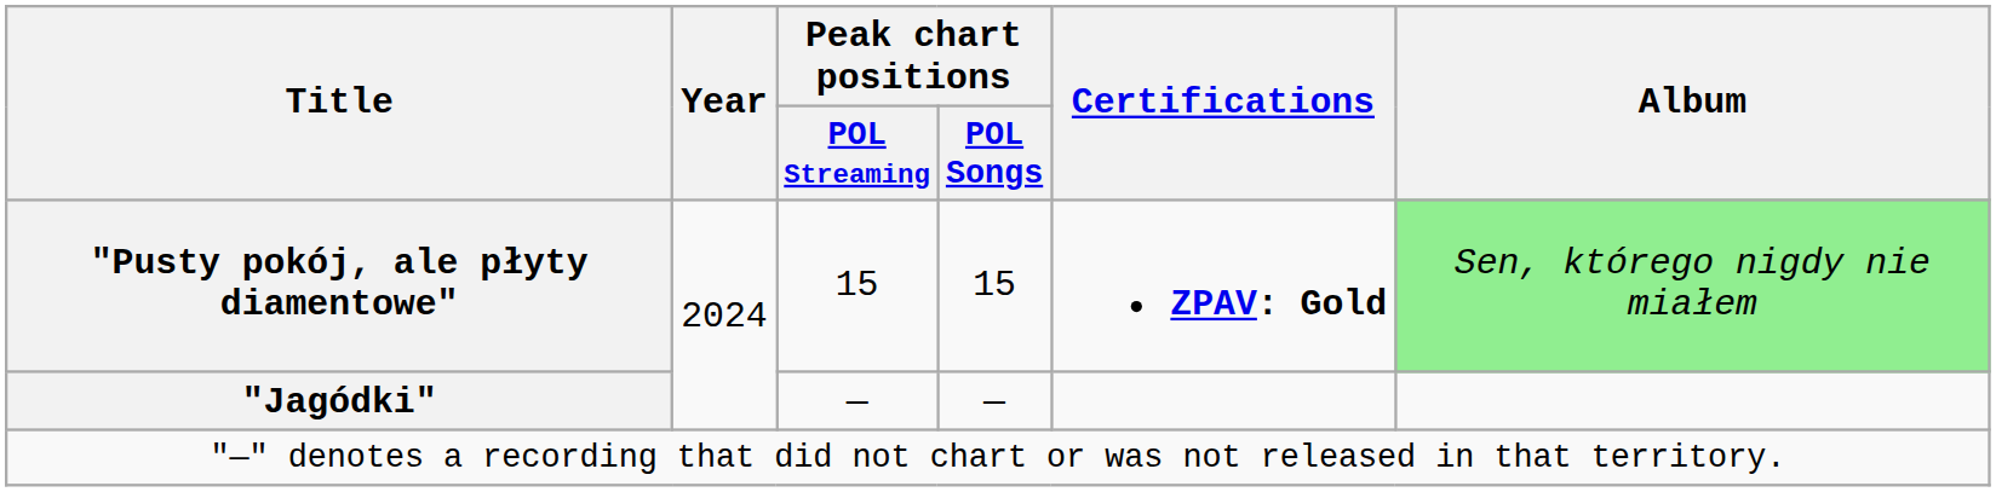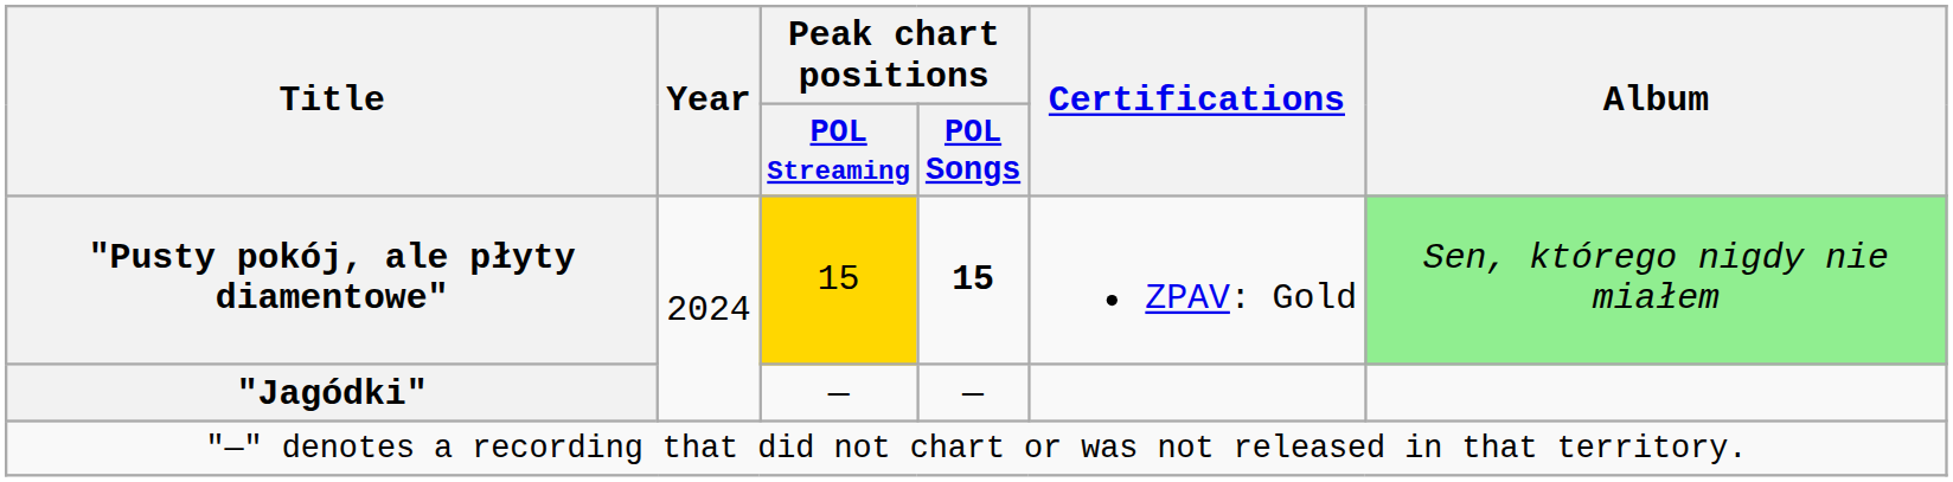 <table class="wikitable plainrowheaders" style="text-align:center;">
 <tr>
 <th scope="col" rowspan="2" style="width:18em;">Title</th>
 <th scope="col" rowspan="2">Year</th>
 <th scope="col" colspan="2">Peak chart positions</th>
 <th scope="col" rowspan="2"><a href='#'>Certifications</a></th>
 <th scope="col" rowspan="2" style="width:16em;">Album</th>
 </tr>
 <tr>
 <th style="width:2.5em;font-size:90%;"><a href='#'>POL<br><small>Streaming</small></a><br></th>
 <th style="width:2.5em;font-size:90%;"><a href='#'>POL<br>Songs</a><br></th>
 </tr>
 <tr>
 <th scope="row">"Pusty pokój, ale płyty diamentowe"<br></th>
 <td rowspan="2">2024</td>
-<td>15</td>
-<td>15</td>
-<td><strong><br><ul><li><a href='#'>ZPAV</a>: Gold</li></ul></strong></td>
+<td style="background: gold;">15</td>
+<td><strong>15</strong></td>
+<td><br><ul><li><a href='#'>ZPAV</a>: Gold</li></ul></td>
 <td style="background: lightgreen;"><em>Sen, którego nigdy nie miałem</em></td>
 </tr>
 <tr>
 <th scope="row">"Jagódki"<br></th>
 <td>—</td>
 <td>—</td>
 <td></td>
 <td></td>
 </tr>
 <tr>
 <td colspan="6" style="font-size:90%">"—" denotes a recording that did not chart or was not released in that territory.</td>
 </tr>
 </table>
